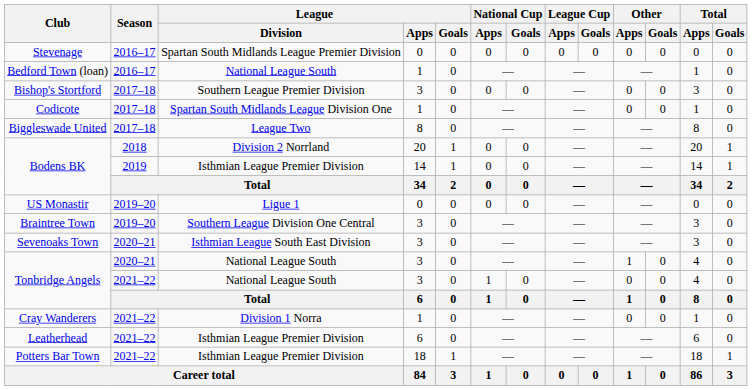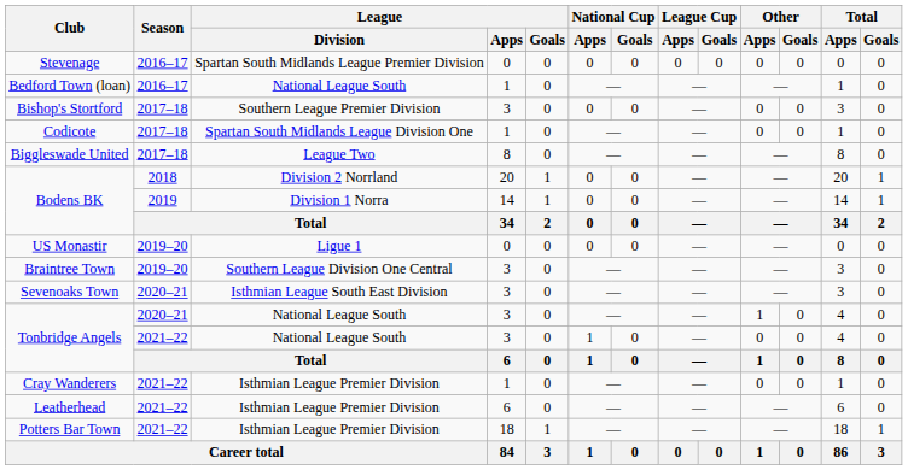 <table class="wikitable" style="text-align:center">
 <tr>
 <th rowspan="2">Club</th>
 <th rowspan="2">Season</th>
 <th colspan="3">League</th>
 <th colspan="2">National Cup</th>
 <th colspan="2">League Cup</th>
 <th colspan="2">Other</th>
 <th colspan="2">Total</th>
 </tr>
 <tr>
 <th>Division</th>
 <th>Apps</th>
 <th>Goals</th>
 <th>Apps</th>
 <th>Goals</th>
 <th>Apps</th>
 <th>Goals</th>
 <th>Apps</th>
 <th>Goals</th>
 <th>Apps</th>
 <th>Goals</th>
 </tr>
 <tr>
 <td rowspan="1"><a href='#'>Stevenage</a></td>
 <td><a href='#'>2016–17</a></td>
 <td>Spartan South Midlands League Premier Division</td>
 <td>0</td>
 <td>0</td>
 <td>0</td>
 <td>0</td>
 <td>0</td>
 <td>0</td>
 <td>0</td>
 <td>0</td>
 <td>0</td>
 <td>0</td>
 </tr>
 <tr>
 <td rowspan="1"><a href='#'>Bedford Town</a> (loan)</td>
 <td><a href='#'>2016–17</a></td>
 <td><a href='#'>National League South</a></td>
 <td>1</td>
 <td>0</td>
 <td colspan="2">—</td>
 <td colspan="2">—</td>
 <td colspan="2">—</td>
 <td>1</td>
 <td>0</td>
 </tr>
 <tr>
 <td rowspan="1"><a href='#'>Bishop's Stortford</a></td>
 <td><a href='#'>2017–18</a></td>
 <td>Southern League Premier Division</td>
 <td>3</td>
 <td>0</td>
 <td>0</td>
 <td>0</td>
 <td colspan="2">—</td>
 <td>0</td>
 <td>0</td>
 <td>3</td>
 <td>0</td>
 </tr>
 <tr>
 <td rowspan="1"><a href='#'>Codicote</a></td>
 <td><a href='#'>2017–18</a></td>
 <td><a href='#'>Spartan South Midlands League</a> Division One</td>
 <td>1</td>
 <td>0</td>
 <td colspan="2">—</td>
 <td colspan="2">—</td>
 <td>0</td>
 <td>0</td>
 <td>1</td>
 <td>0</td>
 </tr>
 <tr>
 <td rowspan="1"><a href='#'>Biggleswade United</a></td>
 <td><a href='#'>2017–18</a></td>
 <td><a href='#'>League Two</a></td>
 <td>8</td>
 <td>0</td>
 <td colspan="2">—</td>
 <td colspan="2">—</td>
 <td colspan="2">—</td>
 <td>8</td>
 <td>0</td>
 </tr>
 <tr>
 <td rowspan="3"><a href='#'>Bodens BK</a></td>
 <td><a href='#'>2018</a></td>
 <td><a href='#'>Division 2</a> Norrland</td>
 <td>20</td>
 <td>1</td>
 <td>0</td>
 <td>0</td>
 <td colspan="2">—</td>
 <td colspan="2">—</td>
 <td>20</td>
 <td>1</td>
 </tr>
 <tr>
 <td><a href='#'>2019</a></td>
-<td>Isthmian League Premier Division</td>
+<td><a href='#'>Division 1</a> Norra</td>
 <td>14</td>
 <td>1</td>
 <td>0</td>
 <td>0</td>
 <td colspan="2">—</td>
 <td colspan="2">—</td>
 <td>14</td>
 <td>1</td>
 </tr>
 <tr>
 <th colspan=2>Total</th>
 <th>34</th>
 <th>2</th>
 <th>0</th>
 <th>0</th>
 <th colspan="2">—</th>
 <th colspan="2">—</th>
 <th>34</th>
 <th>2</th>
 </tr>
 <tr>
 <td rowspan="1"><a href='#'>US Monastir</a></td>
 <td><a href='#'>2019–20</a></td>
 <td><a href='#'>Ligue 1</a></td>
 <td>0</td>
 <td>0</td>
 <td>0</td>
 <td>0</td>
 <td colspan="2">—</td>
 <td colspan="2">—</td>
 <td>0</td>
 <td>0</td>
 </tr>
 <tr>
 <td rowspan="1"><a href='#'>Braintree Town</a></td>
 <td><a href='#'>2019–20</a></td>
 <td><a href='#'>Southern League</a> Division One Central</td>
 <td>3</td>
 <td>0</td>
 <td colspan="2">—</td>
 <td colspan="2">—</td>
 <td colspan="2">—</td>
 <td>3</td>
 <td>0</td>
 </tr>
 <tr>
 <td rowspan="1"><a href='#'>Sevenoaks Town</a></td>
 <td><a href='#'>2020–21</a></td>
 <td><a href='#'>Isthmian League</a> South East Division</td>
 <td>3</td>
 <td>0</td>
 <td colspan="2">—</td>
 <td colspan="2">—</td>
 <td colspan="2">—</td>
 <td>3</td>
 <td>0</td>
 </tr>
 <tr>
 <td rowspan="3"><a href='#'>Tonbridge Angels</a></td>
 <td><a href='#'>2020–21</a></td>
 <td>National League South</td>
 <td>3</td>
 <td>0</td>
 <td colspan="2">—</td>
 <td colspan="2">—</td>
 <td>1</td>
 <td>0</td>
 <td>4</td>
 <td>0</td>
 </tr>
 <tr>
 <td><a href='#'>2021–22</a></td>
 <td>National League South</td>
 <td>3</td>
 <td>0</td>
 <td>1</td>
 <td>0</td>
 <td colspan="2">—</td>
 <td>0</td>
 <td>0</td>
 <td>4</td>
 <td>0</td>
 </tr>
 <tr>
 <th colspan=2>Total</th>
 <th>6</th>
 <th>0</th>
 <th>1</th>
 <th>0</th>
 <th colspan="2">—</th>
 <th>1</th>
 <th>0</th>
 <th>8</th>
 <th>0</th>
 </tr>
 <tr>
 <td rowspan="1"><a href='#'>Cray Wanderers</a></td>
 <td><a href='#'>2021–22</a></td>
-<td><a href='#'>Division 1</a> Norra</td>
+<td>Isthmian League Premier Division</td>
 <td>1</td>
 <td>0</td>
 <td colspan="2">—</td>
 <td colspan="2">—</td>
 <td>0</td>
 <td>0</td>
 <td>1</td>
 <td>0</td>
 </tr>
 <tr>
 <td rowspan="1"><a href='#'>Leatherhead</a></td>
 <td><a href='#'>2021–22</a></td>
 <td>Isthmian League Premier Division</td>
 <td>6</td>
 <td>0</td>
 <td colspan="2">—</td>
 <td colspan="2">—</td>
 <td colspan="2">—</td>
 <td>6</td>
 <td>0</td>
 </tr>
 <tr>
 <td rowspan="1"><a href='#'>Potters Bar Town</a></td>
 <td><a href='#'>2021–22</a></td>
 <td>Isthmian League Premier Division</td>
 <td>18</td>
 <td>1</td>
 <td colspan="2">—</td>
 <td colspan="2">—</td>
 <td colspan="2">—</td>
 <td>18</td>
 <td>1</td>
 </tr>
 <tr>
 <th colspan=3>Career total</th>
 <th>84</th>
 <th>3</th>
 <th>1</th>
 <th>0</th>
 <th>0</th>
 <th>0</th>
 <th>1</th>
 <th>0</th>
 <th>86</th>
 <th>3</th>
 </tr>
 </table>
